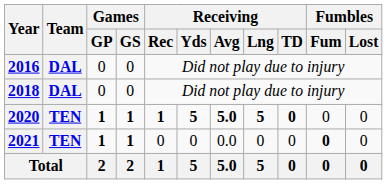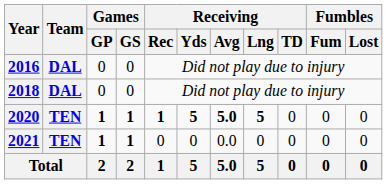 <table class="wikitable" style="text-align:center;">
 <tr>
 <th rowspan="2">Year</th>
 <th rowspan="2">Team</th>
 <th colspan="2">Games</th>
 <th colspan="5">Receiving</th>
 <th colspan="2">Fumbles</th>
 </tr>
 <tr>
 <th>GP</th>
 <th>GS</th>
 <th>Rec</th>
 <th>Yds</th>
 <th>Avg</th>
 <th>Lng</th>
 <th>TD</th>
 <th>Fum</th>
 <th>Lost</th>
 </tr>
 <tr>
 <th><a href='#'>2016</a></th>
 <th><a href='#'>DAL</a></th>
 <td>0</td>
 <td>0</td>
 <td colspan="7"><em>Did not play due to injury</em></td>
 </tr>
 <tr>
 <th><a href='#'>2018</a></th>
 <th><a href='#'>DAL</a></th>
 <td>0</td>
 <td>0</td>
 <td colspan="7"><em>Did not play due to injury</em></td>
 </tr>
 <tr>
 <th><a href='#'>2020</a></th>
 <th><a href='#'>TEN</a></th>
 <td><strong>1</strong></td>
 <td><strong>1</strong></td>
 <td><strong>1</strong></td>
 <td><strong>5</strong></td>
 <td><strong>5.0</strong></td>
 <td><strong>5</strong></td>
-<td><strong>0</strong></td>
+<td>0</td>
 <td>0</td>
 <td>0</td>
 </tr>
 <tr>
 <th><a href='#'>2021</a></th>
 <th><a href='#'>TEN</a></th>
 <td><strong>1</strong></td>
 <td><strong>1</strong></td>
 <td>0</td>
 <td>0</td>
 <td>0.0</td>
 <td>0</td>
 <td>0</td>
-<td><strong>0</strong></td>
+<td>0</td>
 <td>0</td>
 </tr>
 <tr>
 <th colspan="2">Total</th>
 <th>2</th>
 <th>2</th>
 <th>1</th>
 <th>5</th>
 <th>5.0</th>
 <th>5</th>
 <th>0</th>
 <th>0</th>
 <th>0</th>
 </tr>
 </table>
